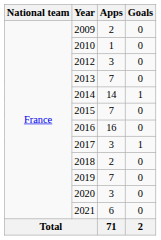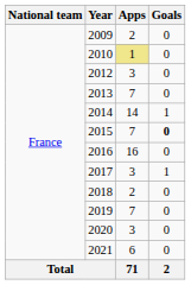 <table class="wikitable" style="text-align:center">
 <tr>
 <th>National team</th>
 <th>Year</th>
 <th>Apps</th>
 <th>Goals</th>
 </tr>
 <tr>
 <td rowspan="12"><a href='#'>France</a></td>
 <td>2009</td>
 <td>2</td>
 <td>0</td>
 </tr>
 <tr>
 <td>2010</td>
-<td>1</td>
+<td style="background: khaki;">1</td>
 <td>0</td>
 </tr>
 <tr>
 <td>2012</td>
 <td>3</td>
 <td>0</td>
 </tr>
 <tr>
 <td>2013</td>
 <td>7</td>
 <td>0</td>
 </tr>
 <tr>
 <td>2014</td>
 <td>14</td>
 <td>1</td>
 </tr>
 <tr>
 <td>2015</td>
 <td>7</td>
-<td>0</td>
+<td><strong>0</strong></td>
 </tr>
 <tr>
 <td>2016</td>
 <td>16</td>
 <td>0</td>
 </tr>
 <tr>
 <td>2017</td>
 <td>3</td>
 <td>1</td>
 </tr>
 <tr>
 <td>2018</td>
 <td>2</td>
 <td>0</td>
 </tr>
 <tr>
 <td>2019</td>
 <td>7</td>
 <td>0</td>
 </tr>
 <tr>
 <td>2020</td>
 <td>3</td>
 <td>0</td>
 </tr>
 <tr>
 <td>2021</td>
 <td>6</td>
 <td>0</td>
 </tr>
 <tr>
 <th colspan="2">Total</th>
 <th>71</th>
 <th>2</th>
 </tr>
 </table>
